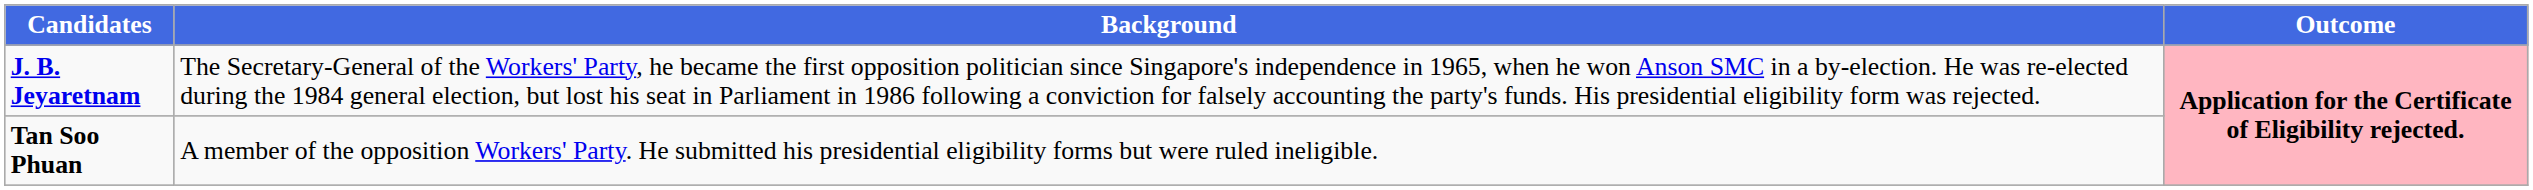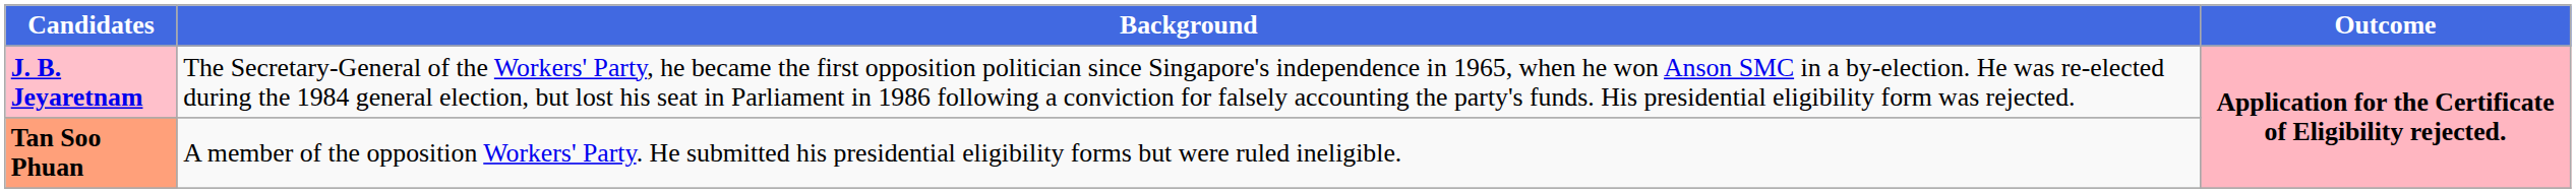 <table class="wikitable">
 <tr>
 <th style="background:RoyalBlue; color: white;">Candidates</th>
 <th style="background:RoyalBlue; color: white;">Background</th>
 <th style="background:RoyalBlue; color: white;">Outcome</th>
 </tr>
 <tr>
-<td><strong><a href='#'>J. B. Jeyaretnam</a></strong></td>
+<td style="background: pink;"><strong><a href='#'>J. B. Jeyaretnam</a></strong></td>
 <td>The Secretary-General of the <a href='#'>Workers' Party</a>, he became the first opposition politician since Singapore's independence in 1965, when he won <a href='#'>Anson SMC</a> in a by-election. He was re-elected during the 1984 general election, but lost his seat in Parliament in 1986 following a conviction for falsely accounting the party's funds. His presidential eligibility form was rejected.</td>
 <th rowspan="2" style="background: lightpink;">Application for the Certificate of Eligibility rejected.</th>
 </tr>
 <tr>
-<td><strong>Tan Soo Phuan</strong></td>
+<td style="background: lightsalmon;"><strong>Tan Soo Phuan</strong></td>
 <td>A member of the opposition <a href='#'>Workers' Party</a>. He submitted his presidential eligibility forms but were ruled ineligible.</td>
 </tr>
 </table>
